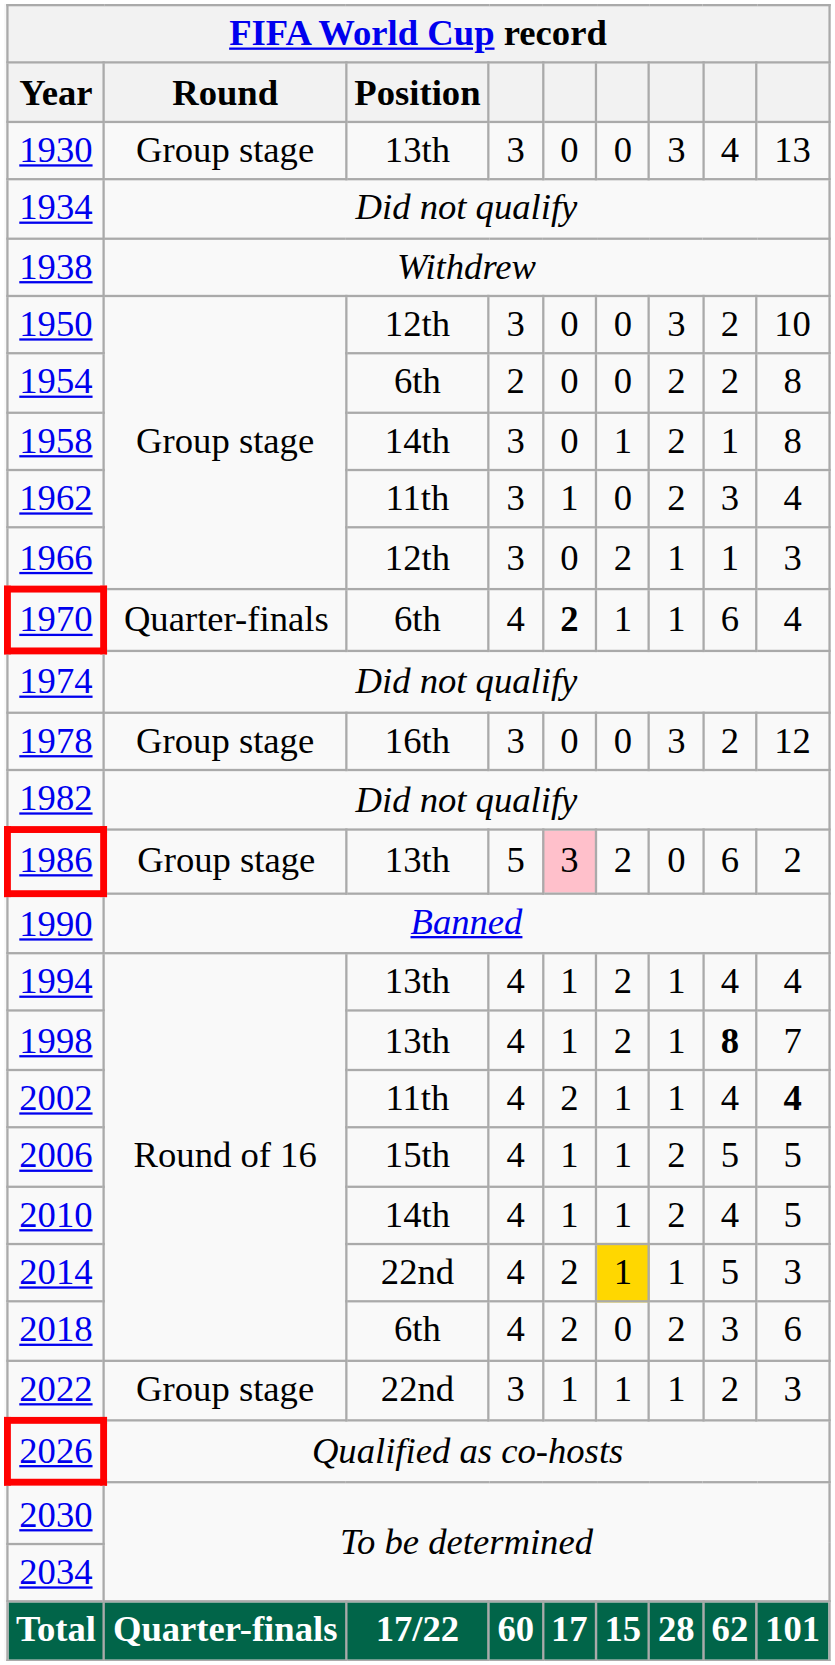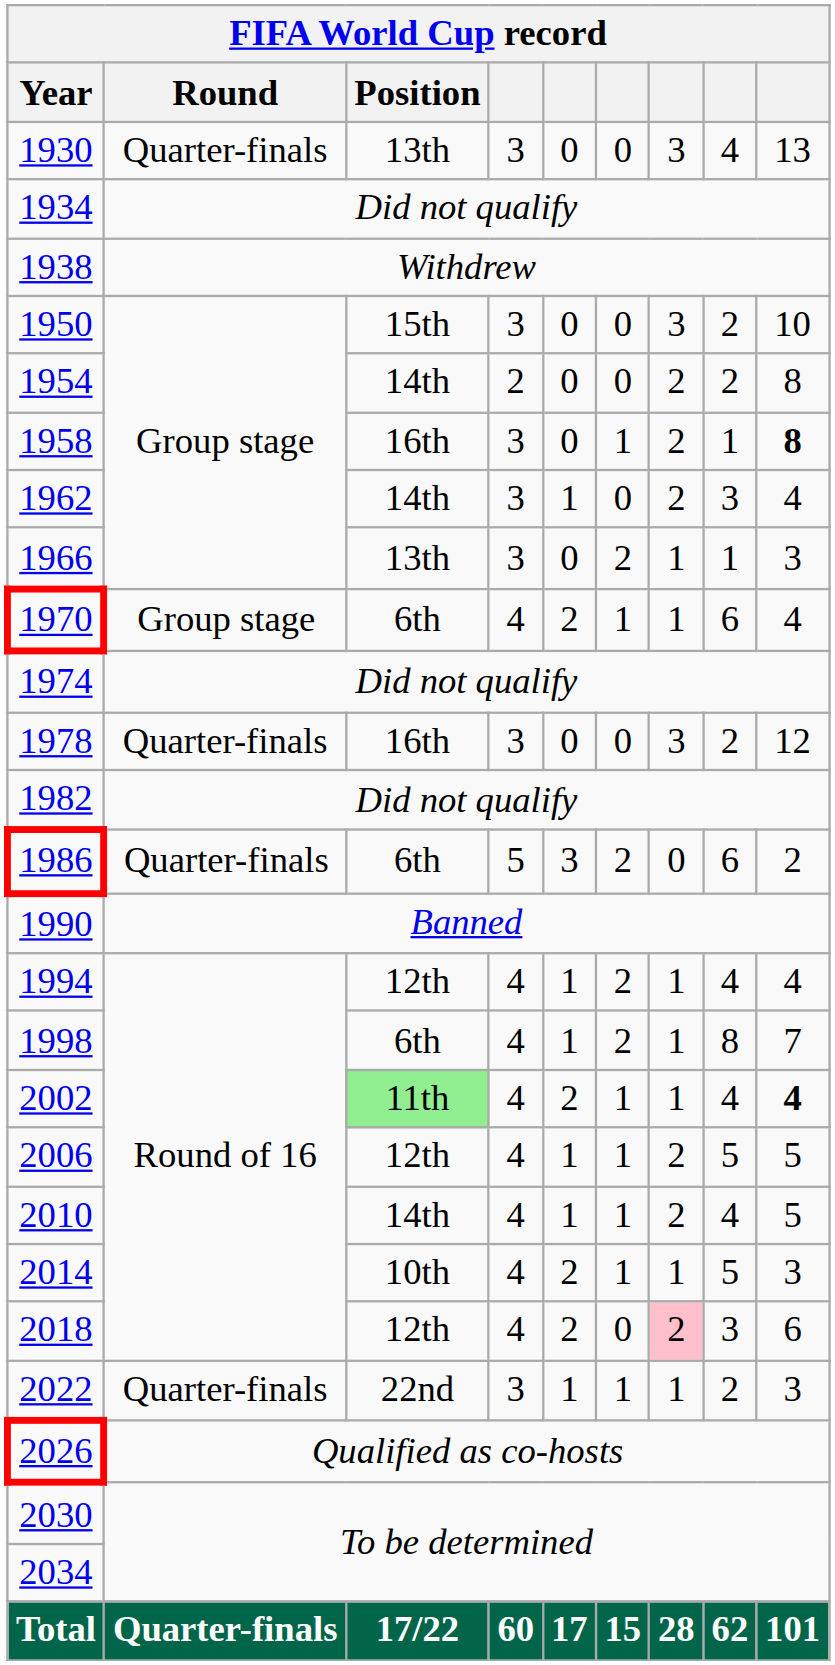 <table class="wikitable" style="text-align: center;">
 <tr>
 <th colspan=9><a href='#'>FIFA World Cup</a> record</th>
 </tr>
 <tr>
 <th>Year</th>
 <th>Round</th>
 <th>Position</th>
 <th></th>
 <th></th>
 <th></th>
 <th></th>
 <th></th>
 <th></th>
 </tr>
 <tr>
 <td> <a href='#'>1930</a></td>
-<td>Group stage</td>
+<td>Quarter-finals</td>
 <td>13th</td>
 <td>3</td>
 <td>0</td>
 <td>0</td>
 <td>3</td>
 <td>4</td>
 <td>13</td>
 </tr>
 <tr>
 <td> <a href='#'>1934</a></td>
 <td colspan=8><em>Did not qualify</em></td>
 </tr>
 <tr>
 <td> <a href='#'>1938</a></td>
 <td colspan=8><em>Withdrew</em></td>
 </tr>
 <tr>
 <td> <a href='#'>1950</a></td>
 <td rowspan=5>Group stage</td>
-<td>12th</td>
+<td>15th</td>
 <td>3</td>
 <td>0</td>
 <td>0</td>
 <td>3</td>
 <td>2</td>
 <td>10</td>
 </tr>
 <tr>
 <td> <a href='#'>1954</a></td>
-<td>6th</td>
+<td>14th</td>
 <td>2</td>
 <td>0</td>
 <td>0</td>
 <td>2</td>
 <td>2</td>
 <td>8</td>
 </tr>
 <tr>
 <td> <a href='#'>1958</a></td>
-<td>14th</td>
+<td>16th</td>
 <td>3</td>
 <td>0</td>
 <td>1</td>
 <td>2</td>
 <td>1</td>
-<td>8</td>
+<td><strong>8</strong></td>
 </tr>
 <tr>
 <td> <a href='#'>1962</a></td>
-<td>11th</td>
+<td>14th</td>
 <td>3</td>
 <td>1</td>
 <td>0</td>
 <td>2</td>
 <td>3</td>
 <td>4</td>
 </tr>
 <tr>
 <td> <a href='#'>1966</a></td>
-<td>12th</td>
+<td>13th</td>
 <td>3</td>
 <td>0</td>
 <td>2</td>
 <td>1</td>
 <td>1</td>
 <td>3</td>
 </tr>
 <tr>
 <td style="border: 3px solid red"> <a href='#'>1970</a></td>
-<td>Quarter-finals</td>
+<td>Group stage</td>
 <td>6th</td>
 <td>4</td>
-<td><strong>2</strong></td>
+<td>2</td>
 <td>1</td>
 <td>1</td>
 <td>6</td>
 <td>4</td>
 </tr>
 <tr>
 <td> <a href='#'>1974</a></td>
 <td colspan=8><em>Did not qualify</em></td>
 </tr>
 <tr>
 <td> <a href='#'>1978</a></td>
-<td>Group stage</td>
+<td>Quarter-finals</td>
 <td>16th</td>
 <td>3</td>
 <td>0</td>
 <td>0</td>
 <td>3</td>
 <td>2</td>
 <td>12</td>
 </tr>
 <tr>
 <td> <a href='#'>1982</a></td>
 <td colspan=8><em>Did not qualify</em></td>
 </tr>
 <tr>
 <td style="border: 3px solid red"> <a href='#'>1986</a></td>
-<td>Group stage</td>
-<td>13th</td>
+<td>Quarter-finals</td>
+<td>6th</td>
 <td>5</td>
-<td style="background: pink;">3</td>
+<td>3</td>
 <td>2</td>
 <td>0</td>
 <td>6</td>
 <td>2</td>
 </tr>
 <tr>
 <td> <a href='#'>1990</a></td>
 <td colspan=8><a href='#'><em>Banned</em></a></td>
 </tr>
 <tr>
 <td> <a href='#'>1994</a></td>
 <td rowspan=7>Round of 16</td>
-<td>13th</td>
+<td>12th</td>
 <td>4</td>
 <td>1</td>
 <td>2</td>
 <td>1</td>
 <td>4</td>
 <td>4</td>
 </tr>
 <tr>
 <td> <a href='#'>1998</a></td>
-<td>13th</td>
+<td>6th</td>
 <td>4</td>
 <td>1</td>
 <td>2</td>
 <td>1</td>
-<td><strong>8</strong></td>
+<td>8</td>
 <td>7</td>
 </tr>
 <tr>
 <td>  <a href='#'>2002</a></td>
-<td>11th</td>
+<td style="background: lightgreen;">11th</td>
 <td>4</td>
 <td>2</td>
 <td>1</td>
 <td>1</td>
 <td>4</td>
 <td><strong>4</strong></td>
 </tr>
 <tr>
 <td> <a href='#'>2006</a></td>
-<td>15th</td>
+<td>12th</td>
 <td>4</td>
 <td>1</td>
 <td>1</td>
 <td>2</td>
 <td>5</td>
 <td>5</td>
 </tr>
 <tr>
 <td> <a href='#'>2010</a></td>
 <td>14th</td>
 <td>4</td>
 <td>1</td>
 <td>1</td>
 <td>2</td>
 <td>4</td>
 <td>5</td>
 </tr>
 <tr>
 <td> <a href='#'>2014</a></td>
-<td>22nd</td>
+<td>10th</td>
 <td>4</td>
 <td>2</td>
-<td style="background: gold;">1</td>
+<td>1</td>
 <td>1</td>
 <td>5</td>
 <td>3</td>
 </tr>
 <tr>
 <td> <a href='#'>2018</a></td>
-<td>6th</td>
+<td>12th</td>
 <td>4</td>
 <td>2</td>
 <td>0</td>
-<td>2</td>
+<td style="background: pink;">2</td>
 <td>3</td>
 <td>6</td>
 </tr>
 <tr>
 <td> <a href='#'>2022</a></td>
-<td>Group stage</td>
+<td>Quarter-finals</td>
 <td>22nd</td>
 <td>3</td>
 <td>1</td>
 <td>1</td>
 <td>1</td>
 <td>2</td>
 <td>3</td>
 </tr>
 <tr>
 <td style="border: 3px solid red"> <a href='#'>2026</a></td>
 <td colspan=8><em>Qualified as co-hosts</em></td>
 </tr>
 <tr>
 <td>    <a href='#'>2030</a></td>
 <td colspan=9 rowspan=2><em>To be determined</em></td>
 </tr>
 <tr>
 <td> <a href='#'>2034</a></td>
 </tr>
 <tr>
 <td style="background:#016549; color:white; "><strong>Total</strong></td>
 <td style="background:#016549; color:white; "><strong>Quarter-finals</strong></td>
 <td style="background:#016549; color:white; "><strong>17/22</strong></td>
 <td style="background:#016549; color:white; "><strong>60</strong></td>
 <td style="background:#016549; color:white; "><strong>17</strong></td>
 <td style="background:#016549; color:white; "><strong>15</strong></td>
 <td style="background:#016549; color:white; "><strong>28</strong></td>
 <td style="background:#016549; color:white; "><strong>62</strong></td>
 <td style="background:#016549; color:white; "><strong>101</strong></td>
 </tr>
 </table>
